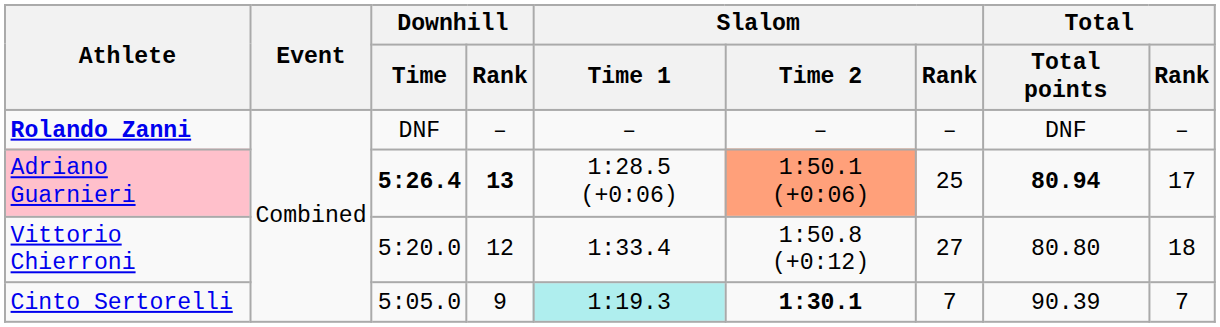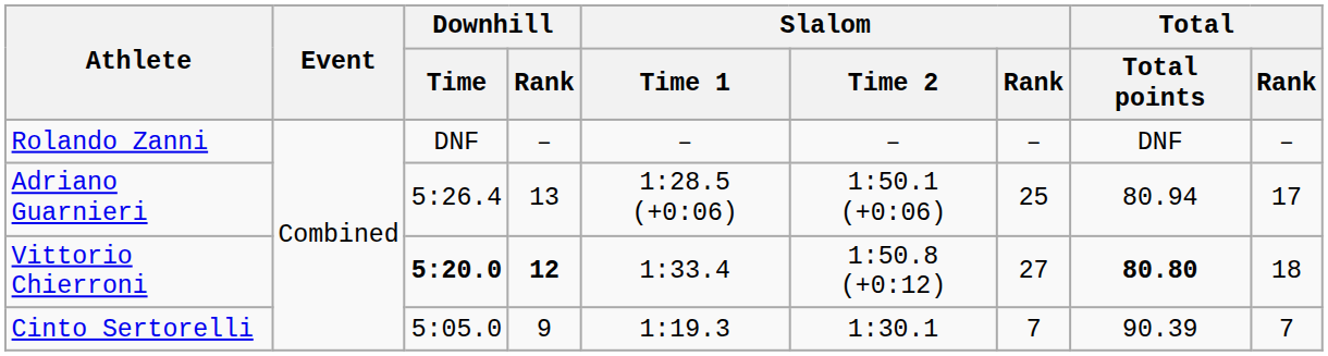 <table class="wikitable" style="font-size:90%">
 <tr>
 <th rowspan="2">Athlete</th>
 <th rowspan="2">Event</th>
 <th colspan="2">Downhill</th>
 <th colspan="3">Slalom</th>
 <th colspan="2">Total</th>
 </tr>
 <tr>
 <th>Time</th>
 <th>Rank</th>
 <th>Time 1</th>
 <th>Time 2</th>
 <th>Rank</th>
 <th>Total points</th>
 <th>Rank</th>
 </tr>
 <tr>
-<td><strong><a href='#'>Rolando Zanni</a></strong></td>
+<td><a href='#'>Rolando Zanni</a></td>
 <td rowspan="4">Combined</td>
 <td align="center">DNF</td>
 <td align="center">–</td>
 <td align="center">–</td>
 <td align="center">–</td>
 <td align="center">–</td>
 <td align="center">DNF</td>
 <td align="center">–</td>
 </tr>
 <tr>
-<td style="background: pink;"><a href='#'>Adriano Guarnieri</a></td>
-<td align="center"><strong>5:26.4</strong></td>
-<td align="center"><strong>13</strong></td>
+<td><a href='#'>Adriano Guarnieri</a></td>
+<td align="center">5:26.4</td>
+<td align="center">13</td>
 <td align="center">1:28.5 (+0:06)</td>
-<td align="center" style="background: lightsalmon;">1:50.1 (+0:06)</td>
+<td align="center">1:50.1 (+0:06)</td>
 <td align="center">25</td>
-<td align="center"><strong>80.94</strong></td>
+<td align="center">80.94</td>
 <td align="center">17</td>
 </tr>
 <tr>
 <td><a href='#'>Vittorio Chierroni</a></td>
-<td align="center">5:20.0</td>
-<td align="center">12</td>
+<td align="center"><strong>5:20.0</strong></td>
+<td align="center"><strong>12</strong></td>
 <td align="center">1:33.4</td>
 <td align="center">1:50.8 (+0:12)</td>
 <td align="center">27</td>
-<td align="center">80.80</td>
+<td align="center"><strong>80.80</strong></td>
 <td align="center">18</td>
 </tr>
 <tr>
 <td><a href='#'>Cinto Sertorelli</a></td>
 <td align="center">5:05.0</td>
 <td align="center">9</td>
-<td align="center" style="background: paleturquoise;">1:19.3</td>
-<td align="center"><strong>1:30.1</strong></td>
+<td align="center">1:19.3</td>
+<td align="center">1:30.1</td>
 <td align="center">7</td>
 <td align="center">90.39</td>
 <td align="center">7</td>
 </tr>
 </table>
